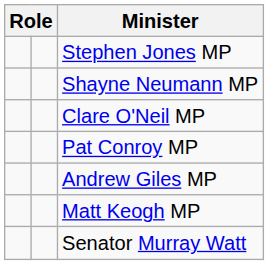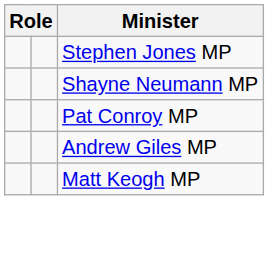 <table class="wikitable" style="text-align:left; font-size:95%">
 <tr>
 <th colspan=2>Role</th>
 <th>Minister</th>
 </tr>
 <tr>
 <td style="background-color: "></td>
 <td></td>
 <td><a href='#'>Stephen Jones</a> MP</td>
 </tr>
 <tr>
 <td style="background-color: "></td>
 <td></td>
 <td><a href='#'>Shayne Neumann</a> MP</td>
 </tr>
 <tr>
 <td style="background-color: "></td>
 <td></td>
-<td><a href='#'>Clare O'Neil</a> MP</td>
-</tr>
-<tr>
-<td style="background-color: "></td>
-<td></td>
 <td><a href='#'>Pat Conroy</a> MP</td>
 </tr>
 <tr>
 <td style="background-color: "></td>
 <td></td>
 <td><a href='#'>Andrew Giles</a> MP</td>
 </tr>
 <tr>
 <td style="background-color: "></td>
 <td></td>
 <td><a href='#'>Matt Keogh</a> MP</td>
 </tr>
-<tr>
-<td style="background-color: "></td>
-<td></td>
-<td>Senator <a href='#'>Murray Watt</a></td>
-</tr>
 </table>
